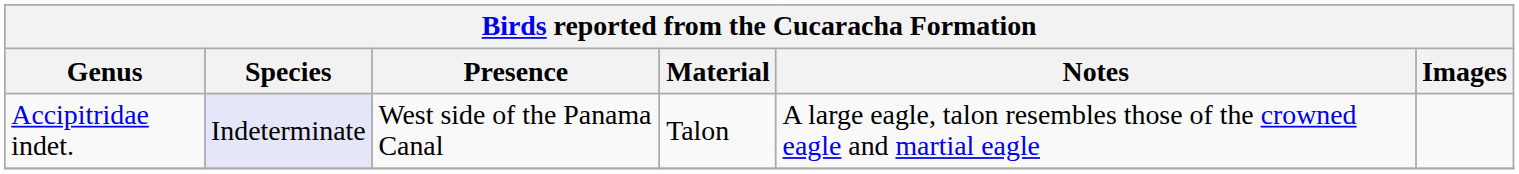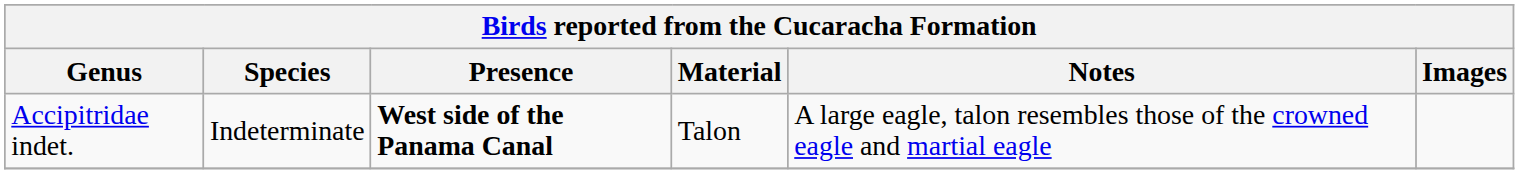 <table class="wikitable" align="center">
 <tr>
 <th colspan="6" align="center"><strong><a href='#'>Birds</a> reported from the Cucaracha Formation</strong></th>
 </tr>
 <tr>
 <th>Genus</th>
 <th>Species</th>
 <th>Presence</th>
 <th><strong>Material</strong></th>
 <th>Notes</th>
 <th>Images</th>
 </tr>
 <tr>
 <td><a href='#'>Accipitridae</a> indet.</td>
-<td style="background: lavender;">Indeterminate</td>
-<td>West side of the Panama Canal</td>
+<td>Indeterminate</td>
+<td><strong>West side of the Panama Canal</strong></td>
 <td>Talon</td>
 <td>A large eagle, talon resembles those of the <a href='#'>crowned eagle</a> and <a href='#'>martial eagle</a></td>
 <td></td>
 </tr>
 <tr>
 </tr>
 </table>
